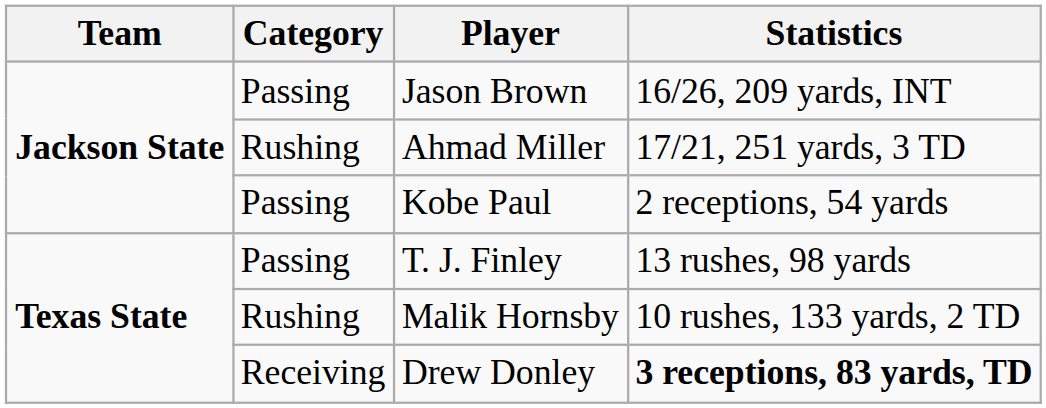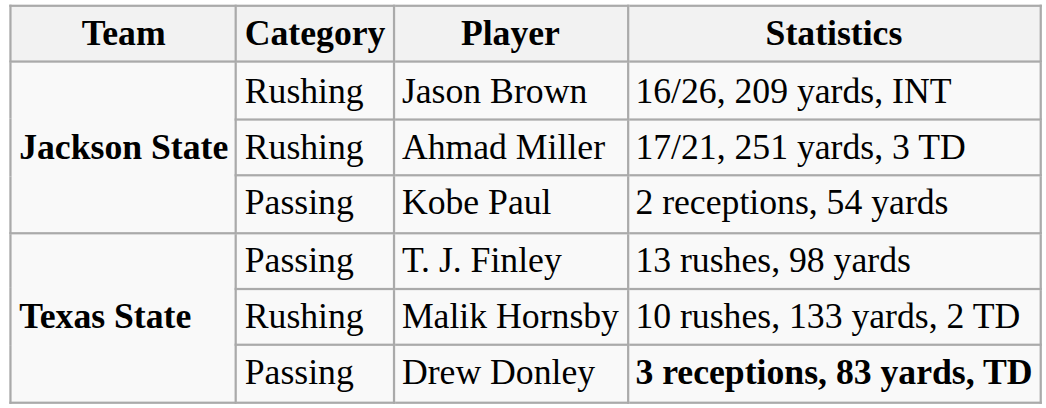 <table class="wikitable" style="float: right;">
 <tr>
 <th>Team</th>
 <th>Category</th>
 <th>Player</th>
 <th>Statistics</th>
 </tr>
 <tr>
 <td rowspan=3><strong>Jackson State</strong></td>
-<td>Passing</td>
+<td>Rushing</td>
 <td>Jason Brown</td>
 <td>16/26, 209 yards, INT</td>
 </tr>
 <tr>
 <td>Rushing</td>
 <td>Ahmad Miller</td>
 <td>17/21, 251 yards, 3 TD</td>
 </tr>
 <tr>
 <td>Passing</td>
 <td>Kobe Paul</td>
 <td>2 receptions, 54 yards</td>
 </tr>
 <tr>
 <td rowspan=3><strong>Texas State</strong></td>
 <td>Passing</td>
 <td>T. J. Finley</td>
 <td>13 rushes, 98 yards</td>
 </tr>
 <tr>
 <td>Rushing</td>
 <td>Malik Hornsby</td>
 <td>10 rushes, 133 yards, 2 TD</td>
 </tr>
 <tr>
-<td>Receiving</td>
+<td>Passing</td>
 <td>Drew Donley</td>
 <td><strong>3 receptions, 83 yards, TD</strong></td>
 </tr>
 </table>
